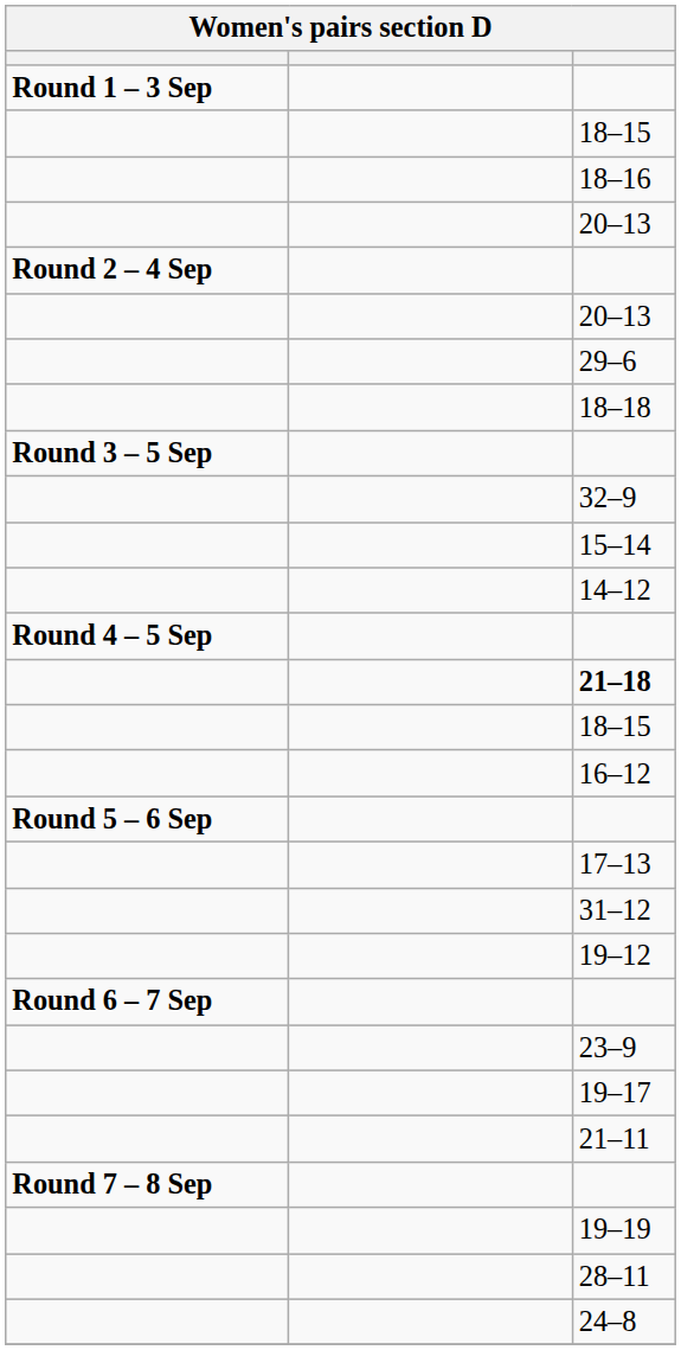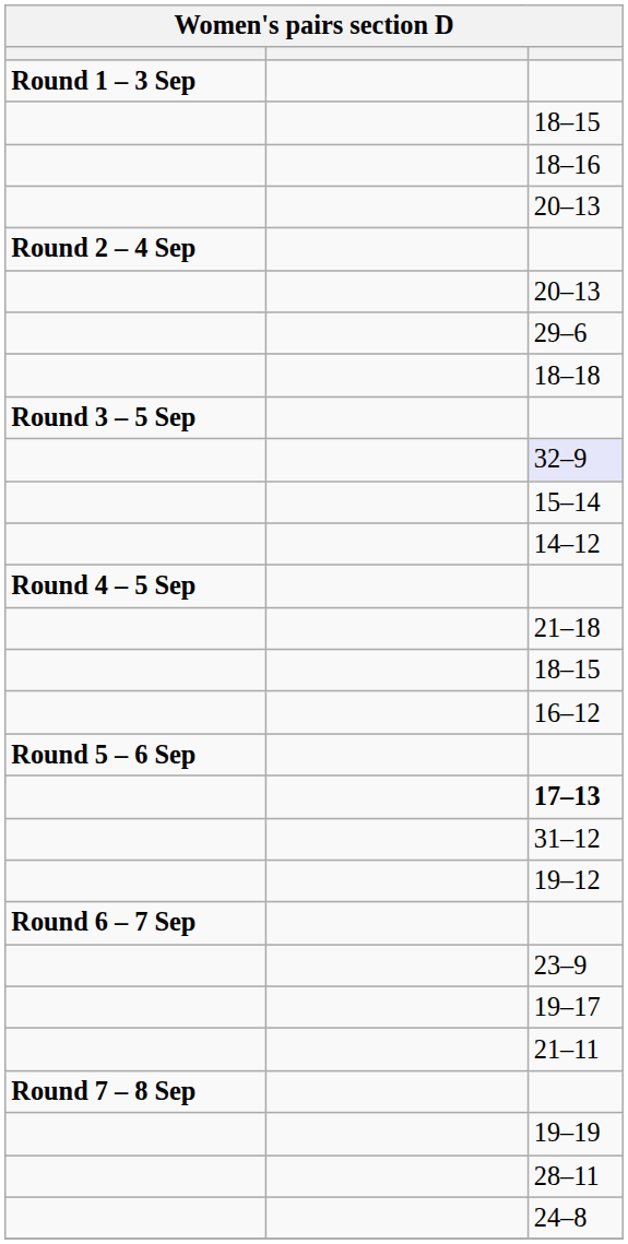 <table class="wikitable">
 <tr>
 <th colspan="3">Women's pairs section D</th>
 </tr>
 <tr>
 <th width=150></th>
 <th width=150></th>
 <th width=50></th>
 </tr>
 <tr>
 <td><strong>Round 1 – 3 Sep</strong></td>
 <td></td>
 <td></td>
 </tr>
 <tr>
 <td></td>
 <td></td>
 <td>18–15</td>
 </tr>
 <tr>
 <td></td>
 <td></td>
 <td>18–16</td>
 </tr>
 <tr>
 <td></td>
 <td></td>
 <td>20–13</td>
 </tr>
 <tr>
 <td><strong>Round 2 – 4 Sep</strong></td>
 <td></td>
 <td></td>
 </tr>
 <tr>
 <td></td>
 <td></td>
 <td>20–13</td>
 </tr>
 <tr>
 <td></td>
 <td></td>
 <td>29–6</td>
 </tr>
 <tr>
 <td></td>
 <td></td>
 <td>18–18</td>
 </tr>
 <tr>
 <td><strong>Round 3 – 5 Sep</strong></td>
 <td></td>
 <td></td>
 </tr>
 <tr>
 <td></td>
 <td></td>
-<td>32–9</td>
+<td style="background: lavender;">32–9</td>
 </tr>
 <tr>
 <td></td>
 <td></td>
 <td>15–14</td>
 </tr>
 <tr>
 <td></td>
 <td></td>
 <td>14–12</td>
 </tr>
 <tr>
 <td><strong>Round 4 – 5 Sep</strong></td>
 <td></td>
 <td></td>
 </tr>
 <tr>
 <td></td>
 <td></td>
-<td><strong>21–18</strong></td>
+<td>21–18</td>
 </tr>
 <tr>
 <td></td>
 <td></td>
 <td>18–15</td>
 </tr>
 <tr>
 <td></td>
 <td></td>
 <td>16–12</td>
 </tr>
 <tr>
 <td><strong>Round 5 – 6 Sep</strong></td>
 <td></td>
 <td></td>
 </tr>
 <tr>
 <td></td>
 <td></td>
-<td>17–13</td>
+<td><strong>17–13</strong></td>
 </tr>
 <tr>
 <td></td>
 <td></td>
 <td>31–12</td>
 </tr>
 <tr>
 <td></td>
 <td></td>
 <td>19–12</td>
 </tr>
 <tr>
 <td><strong>Round 6  – 7 Sep</strong></td>
 <td></td>
 <td></td>
 </tr>
 <tr>
 <td></td>
 <td></td>
 <td>23–9</td>
 </tr>
 <tr>
 <td></td>
 <td></td>
 <td>19–17</td>
 </tr>
 <tr>
 <td></td>
 <td></td>
 <td>21–11</td>
 </tr>
 <tr>
 <td><strong>Round 7 – 8 Sep</strong></td>
 <td></td>
 <td></td>
 </tr>
 <tr>
 <td></td>
 <td></td>
 <td>19–19</td>
 </tr>
 <tr>
 <td></td>
 <td></td>
 <td>28–11</td>
 </tr>
 <tr>
 <td></td>
 <td></td>
 <td>24–8</td>
 </tr>
 <tr>
 </tr>
 </table>
